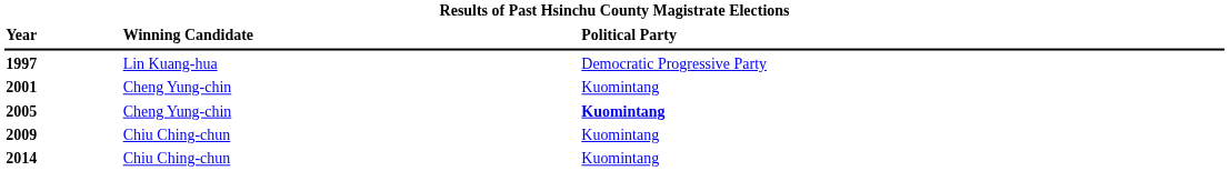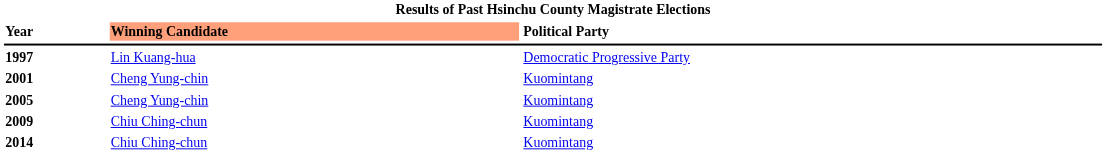 <table id="toc" style="margin:1em auto; width: 90%; font-size: 90%;" cellspacing="3">
 <tr>
 <td colspan="3" align="center"><strong>Results of Past Hsinchu County Magistrate Elections</strong></td>
 </tr>
 <tr>
 <td><strong>Year</strong></td>
-<td><strong> Winning Candidate</strong></td>
+<td style="background: lightsalmon;"><strong> Winning Candidate</strong></td>
 <td><strong>Political Party</strong></td>
 </tr>
 <tr>
 <th bgcolor="#000000" colspan="5"></th>
 </tr>
 <tr>
 <td><strong>1997</strong></td>
 <td><a href='#'>Lin Kuang-hua</a></td>
 <td> <a href='#'>Democratic Progressive Party</a></td>
 </tr>
 <tr>
 <td><strong>2001</strong></td>
 <td><a href='#'>Cheng Yung-chin</a></td>
 <td> <a href='#'>Kuomintang</a></td>
 </tr>
 <tr>
 <td><strong>2005</strong></td>
 <td><a href='#'>Cheng Yung-chin</a></td>
-<td><strong> <a href='#'>Kuomintang</a></strong></td>
+<td> <a href='#'>Kuomintang</a></td>
 </tr>
 <tr>
 <td><strong>2009</strong></td>
 <td><a href='#'>Chiu Ching-chun</a></td>
 <td> <a href='#'>Kuomintang</a></td>
 </tr>
 <tr>
 <td><strong>2014</strong></td>
 <td><a href='#'>Chiu Ching-chun</a></td>
 <td> <a href='#'>Kuomintang</a></td>
 </tr>
 </table>
